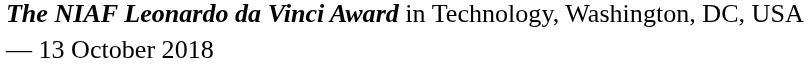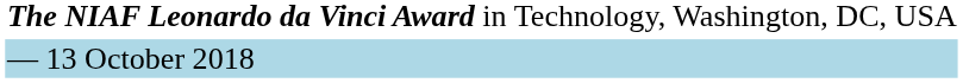 <table>
 <tr>
 <td><strong><em>The NIAF Leonardo da Vinci Award</em></strong> in Technology, Washington, DC, USA</td>
 </tr>
 <tr>
-<td>— 13 October 2018 </td>
+<td style="background: lightblue;">— 13 October 2018 </td>
 </tr>
 </table>
